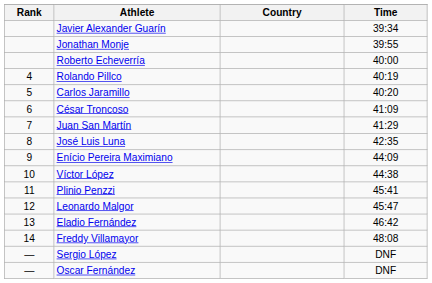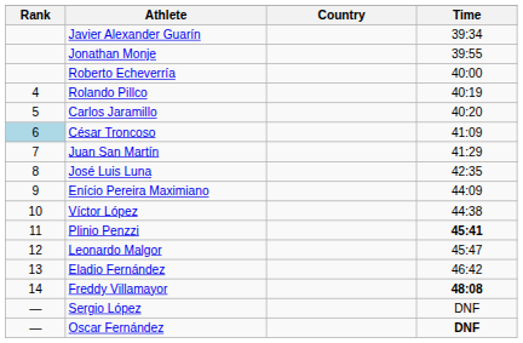 <table class="wikitable sortable" style=" text-align:center; font-size:95%;" width="50%">
 <tr>
 </tr>
 <tr>
 <th width=5%>Rank</th>
 <th width=20%>Athlete</th>
 <th width=15%>Country</th>
 <th width=10%>Time</th>
 </tr>
 <tr>
 <td align=center></td>
 <td align=left><a href='#'>Javier Alexander Guarín</a></td>
 <td align=left></td>
 <td>39:34</td>
 </tr>
 <tr>
 <td align=center></td>
 <td align=left><a href='#'>Jonathan Monje</a></td>
 <td align=left></td>
 <td>39:55</td>
 </tr>
 <tr>
 <td align=center></td>
 <td align=left><a href='#'>Roberto Echeverría</a></td>
 <td align=left></td>
 <td>40:00</td>
 </tr>
 <tr>
 <td align=center>4</td>
 <td align=left><a href='#'>Rolando Pillco</a></td>
 <td align=left></td>
 <td>40:19</td>
 </tr>
 <tr>
 <td align=center>5</td>
 <td align=left><a href='#'>Carlos Jaramillo</a></td>
 <td align=left></td>
 <td>40:20</td>
 </tr>
 <tr>
-<td align=center>6</td>
+<td align=center style="background: lightblue;">6</td>
 <td align=left><a href='#'>César Troncoso</a></td>
 <td align=left></td>
 <td>41:09</td>
 </tr>
 <tr>
 <td align=center>7</td>
 <td align=left><a href='#'>Juan San Martín</a></td>
 <td align=left></td>
 <td>41:29</td>
 </tr>
 <tr>
 <td align=center>8</td>
 <td align=left><a href='#'>José Luis Luna</a></td>
 <td align=left></td>
 <td>42:35</td>
 </tr>
 <tr>
 <td align=center>9</td>
 <td align=left><a href='#'>Enício Pereira Maximiano</a></td>
 <td align=left></td>
 <td>44:09</td>
 </tr>
 <tr>
 <td align=center>10</td>
 <td align=left><a href='#'>Víctor López</a></td>
 <td align=left></td>
 <td>44:38</td>
 </tr>
 <tr>
 <td align=center>11</td>
 <td align=left><a href='#'>Plinio Penzzi</a></td>
 <td align=left></td>
-<td>45:41</td>
+<td><strong>45:41</strong></td>
 </tr>
 <tr>
 <td align=center>12</td>
 <td align=left><a href='#'>Leonardo Malgor</a></td>
 <td align=left></td>
 <td>45:47</td>
 </tr>
 <tr>
 <td align=center>13</td>
 <td align=left><a href='#'>Eladio Fernández</a></td>
 <td align=left></td>
 <td>46:42</td>
 </tr>
 <tr>
 <td align=center>14</td>
 <td align=left><a href='#'>Freddy Villamayor</a></td>
 <td align=left></td>
-<td>48:08</td>
+<td><strong>48:08</strong></td>
 </tr>
 <tr>
 <td align=center>—</td>
 <td align=left><a href='#'>Sergio López</a></td>
 <td align=left></td>
 <td>DNF</td>
 </tr>
 <tr>
 <td align=center>—</td>
 <td align=left><a href='#'>Oscar Fernández</a></td>
 <td align=left></td>
-<td>DNF</td>
+<td><strong>DNF</strong></td>
 </tr>
 </table>
